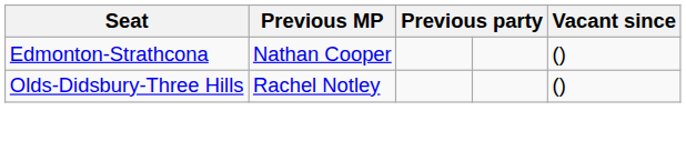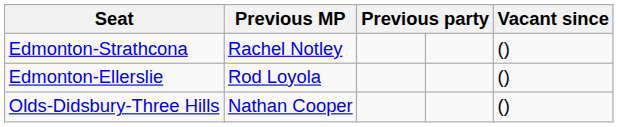 <table class="wikitable sortable" style="text-align:left;">
 <tr>
 <th>Seat</th>
 <th>Previous MP</th>
 <th colspan="2">Previous party</th>
 <th>Vacant since</th>
 </tr>
 <tr>
 <td><a href='#'>Edmonton-Strathcona</a></td>
-<td><a href='#'>Nathan Cooper</a></td>
+<td><a href='#'>Rachel Notley</a></td>
+<td style="background:"></td>
+<td style="text-align:left"></td>
+<td> ()</td>
+</tr>
+<tr>
+<td><a href='#'>Edmonton-Ellerslie</a></td>
+<td><a href='#'>Rod Loyola</a></td>
 <td style="background:"></td>
 <td style="text-align:left"></td>
 <td> ()</td>
 </tr>
 <tr>
 <td><a href='#'>Olds-Didsbury-Three Hills</a></td>
-<td><a href='#'>Rachel Notley</a></td>
+<td><a href='#'>Nathan Cooper</a></td>
 <td style="background:"></td>
 <td style="text-align:left"></td>
 <td> ()</td>
 </tr>
 </table>
